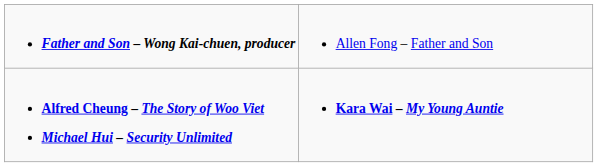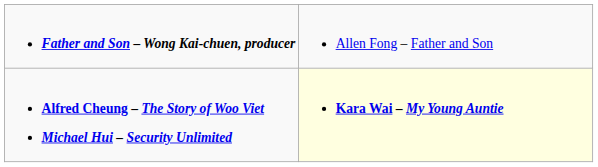 <table class=wikitable>
 <tr>
 <td valign="top" width="50%"><br><ul><li><strong><em><a href='#'>Father and Son</a><em> – Wong Kai-chuen, producer<strong></li></ul></td>
 <td valign="top" width="50%"><br><ul><li></strong><a href='#'>Allen Fong</a> – </em><a href='#'>Father and Son</a></em></strong></li></ul></td>
 </tr>
 <tr>
 <td valign="top" width="50%"><br><ul><li><strong><a href='#'>Alfred Cheung</a> – <em><a href='#'>The Story of Woo Viet</a><strong><em></li></ul><ul><li></strong><a href='#'>Michael Hui</a> – </em><a href='#'>Security Unlimited</a></em></strong></li></ul></td>
-<td valign="top" width="50%"><br><ul><li><strong><a href='#'>Kara Wai</a> – <em><a href='#'>My Young Auntie</a><strong><em></li></ul></td>
+<td valign="top" width="50%" style="background: lightyellow;"><br><ul><li><strong><a href='#'>Kara Wai</a> – <em><a href='#'>My Young Auntie</a><strong><em></li></ul></td>
 </tr>
 </table>
